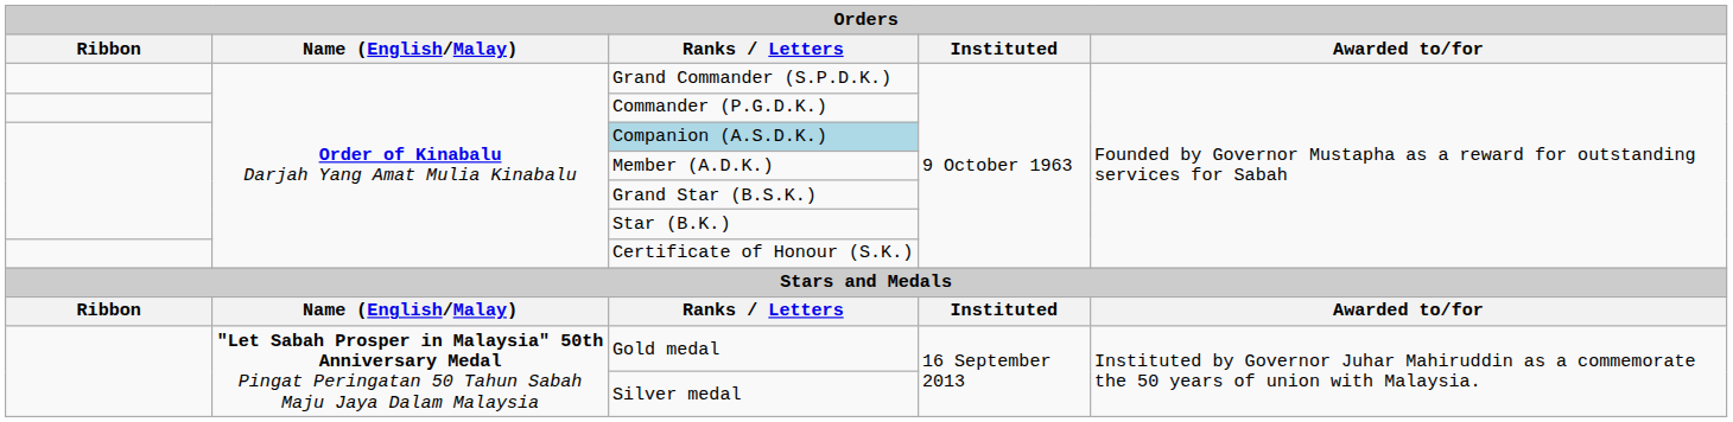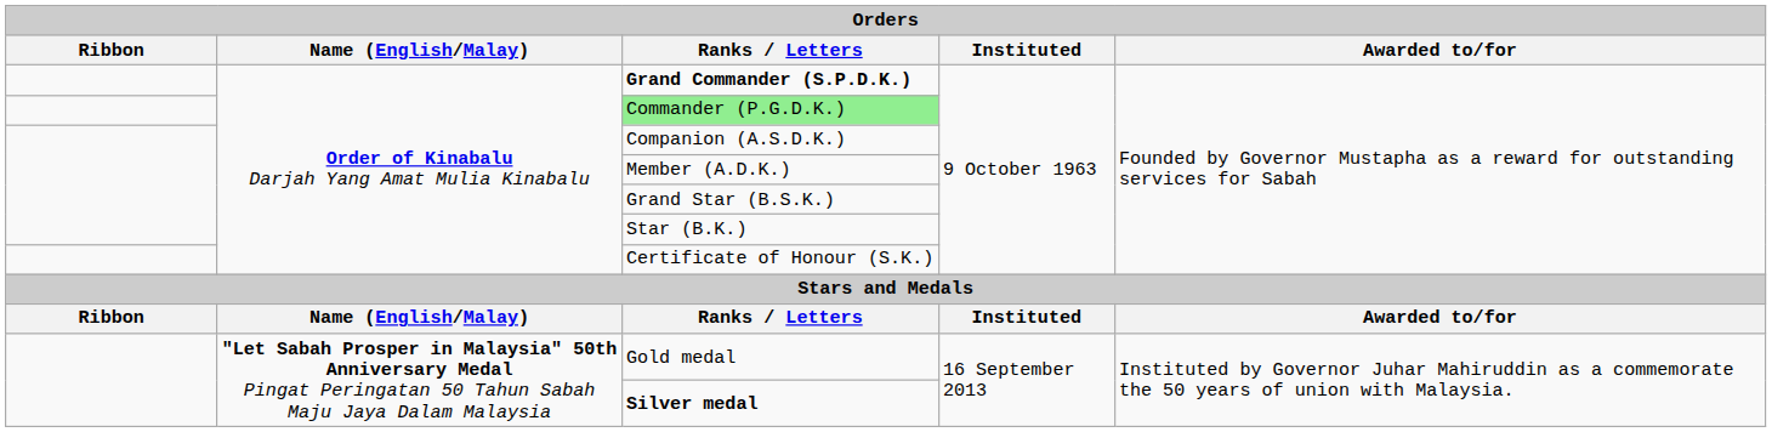 <table class="wikitable">
 <tr>
 <th colspan=5 style="background-color:#cccccc">Orders</th>
 </tr>
 <tr>
 <th width="144px">Ribbon</th>
 <th width="23%">Name (<a href='#'>English</a>/<a href='#'>Malay</a>)</th>
 <th width="18%">Ranks / <a href='#'>Letters</a></th>
 <th width="10%">Instituted</th>
 <th>Awarded to/for</th>
 </tr>
 <tr>
 <td align=center></td>
 <td rowspan=7 align=center><strong><a href='#'>Order of Kinabalu</a></strong><br><em>Darjah Yang Amat Mulia Kinabalu</em></td>
-<td>Grand Commander (S.P.D.K.)</td>
+<td><strong>Grand Commander (S.P.D.K.)</strong></td>
 <td rowspan=7>9 October 1963</td>
 <td rowspan=7>Founded by Governor Mustapha as a reward for outstanding services for Sabah</td>
 </tr>
 <tr>
 <td align=center></td>
-<td>Commander (P.G.D.K.)</td>
+<td style="background: lightgreen;">Commander (P.G.D.K.)</td>
 </tr>
 <tr>
 <td align=center rowspan=4></td>
-<td style="background: lightblue;">Companion (A.S.D.K.)</td>
+<td>Companion (A.S.D.K.)</td>
 </tr>
 <tr>
 <td>Member (A.D.K.)</td>
 </tr>
 <tr>
 <td>Grand Star (B.S.K.)</td>
 </tr>
 <tr>
 <td>Star (B.K.)</td>
 </tr>
 <tr>
 <td align=center></td>
 <td>Certificate of Honour (S.K.)</td>
 </tr>
 <tr>
 <th colspan=5 style="background-color:#cccccc">Stars and Medals</th>
 </tr>
 <tr>
 <th width="144px">Ribbon</th>
 <th width="23%">Name (<a href='#'>English</a>/<a href='#'>Malay</a>)</th>
 <th width="18%">Ranks / <a href='#'>Letters</a></th>
 <th width="10%">Instituted</th>
 <th>Awarded to/for</th>
 </tr>
 <tr>
 <td rowspan=2 align=center></td>
 <td rowspan=2 align=center><strong>"Let Sabah Prosper in Malaysia" 50th Anniversary Medal</strong><br><em>Pingat Peringatan 50 Tahun Sabah Maju Jaya Dalam Malaysia</em></td>
 <td>Gold medal</td>
 <td rowspan=2>16 September 2013</td>
 <td rowspan=2>Instituted by Governor Juhar Mahiruddin as a commemorate the 50 years of union with Malaysia.</td>
 </tr>
 <tr>
-<td>Silver medal</td>
+<td><strong>Silver medal</strong></td>
 </tr>
 </table>
